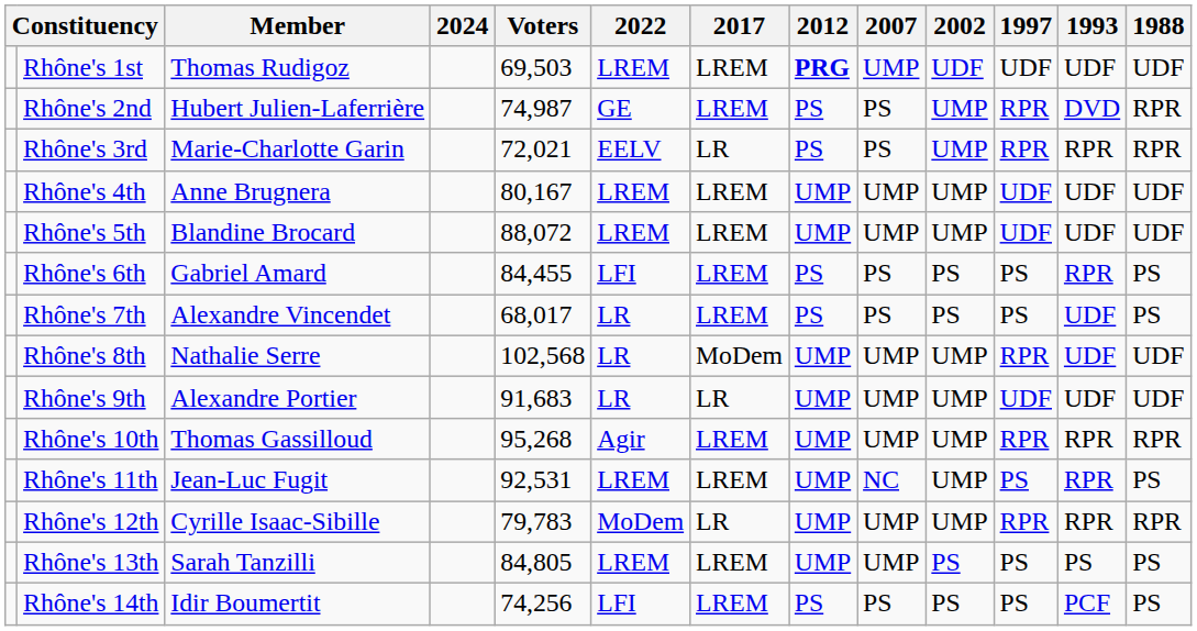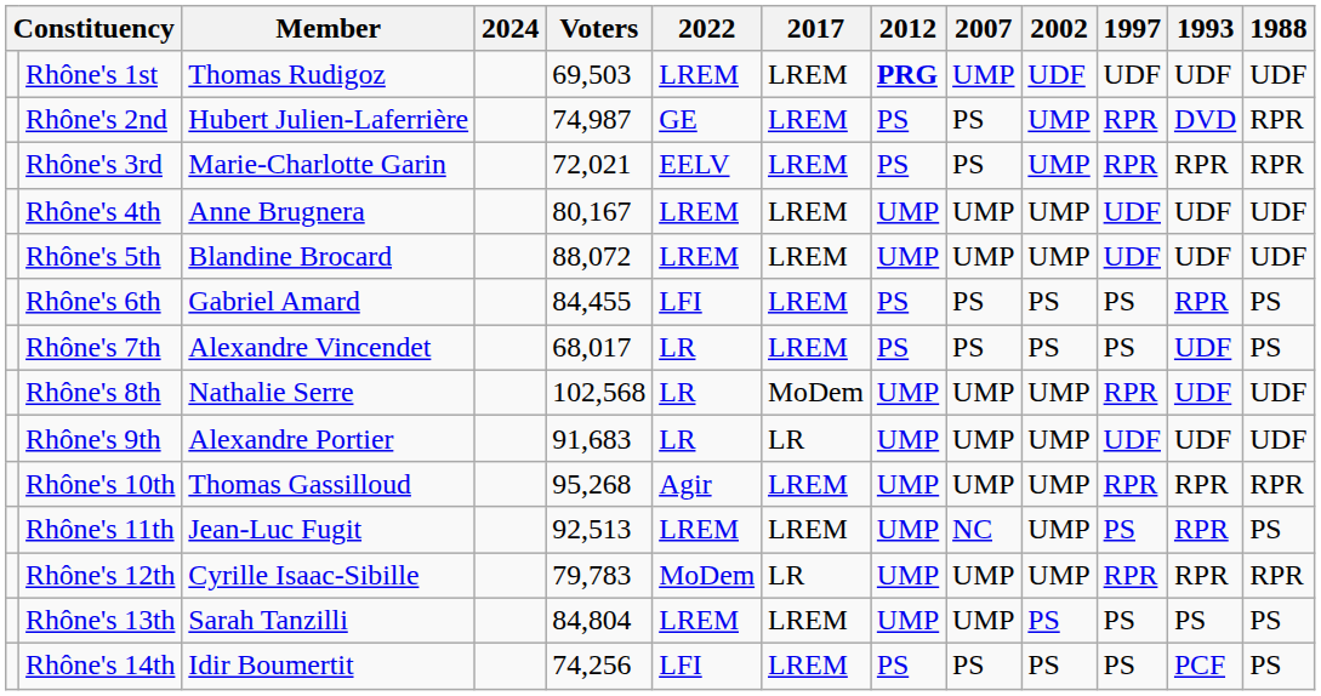 <table class="wikitable sortable">
 <tr>
 <th colspan="2">Constituency</th>
 <th>Member</th>
 <th>2024</th>
 <th>Voters</th>
 <th>2022</th>
 <th>2017</th>
 <th>2012</th>
 <th>2007</th>
 <th>2002</th>
 <th>1997</th>
 <th>1993</th>
 <th>1988</th>
 </tr>
 <tr>
 <td style="background-color: "></td>
 <td><a href='#'>Rhône's 1st</a></td>
 <td><a href='#'>Thomas Rudigoz</a></td>
 <td></td>
 <td>69,503</td>
 <td><a href='#'>LREM</a></td>
 <td>LREM</td>
 <td><strong><a href='#'>PRG</a></strong></td>
 <td><a href='#'>UMP</a></td>
 <td><a href='#'>UDF</a></td>
 <td>UDF</td>
 <td>UDF</td>
 <td>UDF</td>
 </tr>
 <tr>
 <td style="background-color: "></td>
 <td><a href='#'>Rhône's 2nd</a></td>
 <td><a href='#'>Hubert Julien-Laferrière</a></td>
 <td></td>
 <td>74,987</td>
 <td><a href='#'>GE</a></td>
 <td><a href='#'>LREM</a></td>
 <td><a href='#'>PS</a></td>
 <td>PS</td>
 <td><a href='#'>UMP</a></td>
 <td><a href='#'>RPR</a></td>
 <td><a href='#'>DVD</a></td>
 <td>RPR</td>
 </tr>
 <tr>
 <td style="background-color: "></td>
 <td><a href='#'>Rhône's 3rd</a></td>
 <td><a href='#'>Marie-Charlotte Garin</a></td>
 <td></td>
 <td>72,021</td>
 <td><a href='#'>EELV</a></td>
-<td>LR</td>
+<td><a href='#'>LREM</a></td>
 <td><a href='#'>PS</a></td>
 <td>PS</td>
 <td><a href='#'>UMP</a></td>
 <td><a href='#'>RPR</a></td>
 <td>RPR</td>
 <td>RPR</td>
 </tr>
 <tr>
 <td style="background-color: "></td>
 <td><a href='#'>Rhône's 4th</a></td>
 <td><a href='#'>Anne Brugnera</a></td>
 <td></td>
 <td>80,167</td>
 <td><a href='#'>LREM</a></td>
 <td>LREM</td>
 <td><a href='#'>UMP</a></td>
 <td>UMP</td>
 <td>UMP</td>
 <td><a href='#'>UDF</a></td>
 <td>UDF</td>
 <td>UDF</td>
 </tr>
 <tr>
 <td style="background-color: "></td>
 <td><a href='#'>Rhône's 5th</a></td>
 <td><a href='#'>Blandine Brocard</a></td>
 <td></td>
 <td>88,072</td>
 <td><a href='#'>LREM</a></td>
 <td>LREM</td>
 <td><a href='#'>UMP</a></td>
 <td>UMP</td>
 <td>UMP</td>
 <td><a href='#'>UDF</a></td>
 <td>UDF</td>
 <td>UDF</td>
 </tr>
 <tr>
 <td style="background-color: "></td>
 <td><a href='#'>Rhône's 6th</a></td>
 <td><a href='#'>Gabriel Amard</a></td>
 <td></td>
 <td>84,455</td>
 <td><a href='#'>LFI</a></td>
 <td><a href='#'>LREM</a></td>
 <td><a href='#'>PS</a></td>
 <td>PS</td>
 <td>PS</td>
 <td>PS</td>
 <td><a href='#'>RPR</a></td>
 <td>PS</td>
 </tr>
 <tr>
 <td style="background-color: "></td>
 <td><a href='#'>Rhône's 7th</a></td>
 <td><a href='#'>Alexandre Vincendet</a></td>
 <td></td>
 <td>68,017</td>
 <td><a href='#'>LR</a></td>
 <td><a href='#'>LREM</a></td>
 <td><a href='#'>PS</a></td>
 <td>PS</td>
 <td>PS</td>
 <td>PS</td>
 <td><a href='#'>UDF</a></td>
 <td>PS</td>
 </tr>
 <tr>
 <td style="background-color: "></td>
 <td><a href='#'>Rhône's 8th</a></td>
 <td><a href='#'>Nathalie Serre</a></td>
 <td></td>
 <td>102,568</td>
 <td><a href='#'>LR</a></td>
 <td>MoDem</td>
 <td><a href='#'>UMP</a></td>
 <td>UMP</td>
 <td>UMP</td>
 <td><a href='#'>RPR</a></td>
 <td><a href='#'>UDF</a></td>
 <td>UDF</td>
 </tr>
 <tr>
 <td style="background-color: "></td>
 <td><a href='#'>Rhône's 9th</a></td>
 <td><a href='#'>Alexandre Portier</a></td>
 <td></td>
 <td>91,683</td>
 <td><a href='#'>LR</a></td>
 <td>LR</td>
 <td><a href='#'>UMP</a></td>
 <td>UMP</td>
 <td>UMP</td>
 <td><a href='#'>UDF</a></td>
 <td>UDF</td>
 <td>UDF</td>
 </tr>
 <tr>
 <td style="background-color: "></td>
 <td><a href='#'>Rhône's 10th</a></td>
 <td><a href='#'>Thomas Gassilloud</a></td>
 <td></td>
 <td>95,268</td>
 <td><a href='#'>Agir</a></td>
 <td><a href='#'>LREM</a></td>
 <td><a href='#'>UMP</a></td>
 <td>UMP</td>
 <td>UMP</td>
 <td><a href='#'>RPR</a></td>
 <td>RPR</td>
 <td>RPR</td>
 </tr>
 <tr>
 <td style="background-color: "></td>
 <td><a href='#'>Rhône's 11th</a></td>
 <td><a href='#'>Jean-Luc Fugit</a></td>
 <td></td>
-<td>92,531</td>
+<td>92,513</td>
 <td><a href='#'>LREM</a></td>
 <td>LREM</td>
 <td><a href='#'>UMP</a></td>
 <td><a href='#'>NC</a></td>
 <td>UMP</td>
 <td><a href='#'>PS</a></td>
 <td><a href='#'>RPR</a></td>
 <td>PS</td>
 </tr>
 <tr>
 <td style="background-color: "></td>
 <td><a href='#'>Rhône's 12th</a></td>
 <td><a href='#'>Cyrille Isaac-Sibille</a></td>
 <td></td>
 <td>79,783</td>
 <td><a href='#'>MoDem</a></td>
 <td>LR</td>
 <td><a href='#'>UMP</a></td>
 <td>UMP</td>
 <td>UMP</td>
 <td><a href='#'>RPR</a></td>
 <td>RPR</td>
 <td>RPR</td>
 </tr>
 <tr>
 <td style="background-color: "></td>
 <td><a href='#'>Rhône's 13th</a></td>
 <td><a href='#'>Sarah Tanzilli</a></td>
 <td></td>
-<td>84,805</td>
+<td>84,804</td>
 <td><a href='#'>LREM</a></td>
 <td>LREM</td>
 <td><a href='#'>UMP</a></td>
 <td>UMP</td>
 <td><a href='#'>PS</a></td>
 <td>PS</td>
 <td>PS</td>
 <td>PS</td>
 </tr>
 <tr>
 <td style="background-color: "></td>
 <td><a href='#'>Rhône's 14th</a></td>
 <td><a href='#'>Idir Boumertit</a></td>
 <td></td>
 <td>74,256</td>
 <td><a href='#'>LFI</a></td>
 <td><a href='#'>LREM</a></td>
 <td><a href='#'>PS</a></td>
 <td>PS</td>
 <td>PS</td>
 <td>PS</td>
 <td><a href='#'>PCF</a></td>
 <td>PS</td>
 </tr>
 </table>
